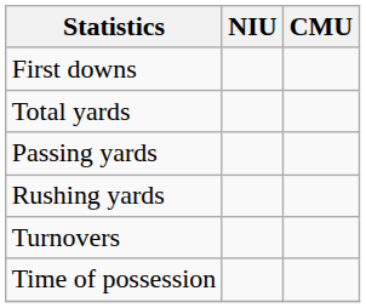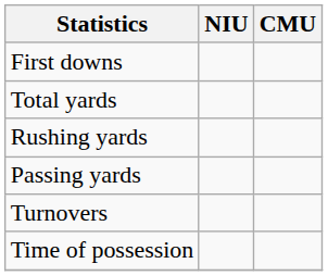 <table class="wikitable">
 <tr>
 <th>Statistics</th>
 <th>NIU</th>
 <th>CMU</th>
 </tr>
 <tr>
 <td>First downs</td>
 <td></td>
 <td></td>
 </tr>
 <tr>
 <td>Total yards</td>
 <td></td>
 <td></td>
 </tr>
 <tr>
-<td>Passing yards</td>
+<td>Rushing yards</td>
 <td></td>
 <td></td>
 </tr>
 <tr>
-<td>Rushing yards</td>
+<td>Passing yards</td>
 <td></td>
 <td></td>
 </tr>
 <tr>
 <td>Turnovers</td>
 <td></td>
 <td></td>
 </tr>
 <tr>
 <td>Time of possession</td>
 <td></td>
 <td></td>
 </tr>
 <tr>
 </tr>
 </table>
